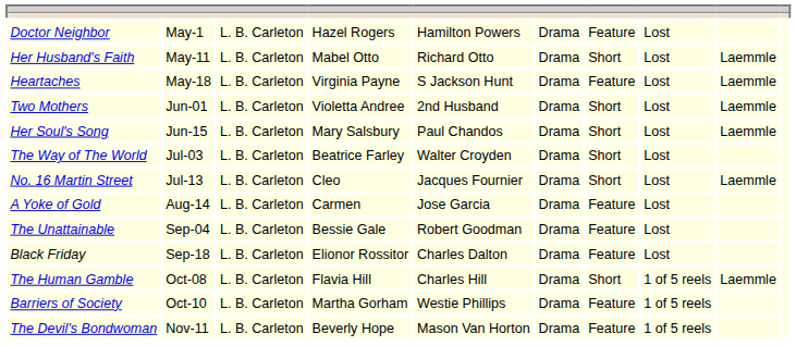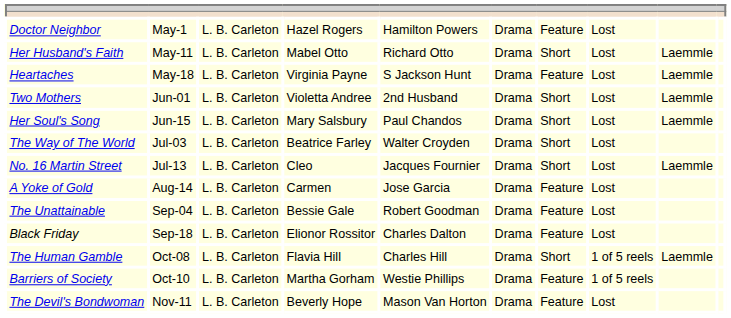 <table class="wikitable mw-collapsible mw-collapsed" style="background:lightyellow; border:2px solid gray;font-size:80%; ">
 <tr>
 <th colspan="18" style="border:1px solid #808080;background: lightgrey;"></th>
 </tr>
 <tr>
 <th style="border: 0px solid #FFFAF5; background:#F2E0CE"></th>
 <th style="border:0px solid #FFFAF5; background:#F2E0CE"></th>
 <th style="border:0px solid #FFFAF5; background:#F2E0CE"></th>
 <th style="border:0px solid #FFFAF5; background:#F2E0CE"></th>
 <th style="border:0px solid #FFFAF5; background:#F2E0CE"></th>
 <th style="border:0px solid #FFFAF5; background:#F2E0CE"></th>
 <th style="border:0px solid #FFFAF5; background:#F2E0CE"></th>
 <th style="border:0px solid #FFFAF5; background:#F2E0CE"></th>
 <th style="border:0px solid #FFFAF5; background:#F2E0CE"></th>
 <th style="border:0px solid #FFFAF5; background:#F2E0CE"></th>
 </tr>
 <tr>
 <td style="border:3px solid #FFFFFF"><em><a href='#'>Doctor Neighbor</a></em></td>
 <td style="border:3px solid #FFFFFF">May-1</td>
 <td style="border:3px solid #FFFFFF">L. B. Carleton</td>
 <td style="border:3px solid #FFFFFF">Hazel Rogers</td>
 <td style="border:3px solid #FFFFFF">Hamilton Powers</td>
 <td style="border:3px solid #FFFFFF">Drama</td>
 <td style="border:3px solid #FFFFFF">Feature</td>
 <td style="border:3px solid #FFFFFF">Lost</td>
 <td style="border:3px solid #FFFFFF"></td>
 <td style="border:3px solid #FFFFFF"></td>
 </tr>
 <tr>
 <td style="border:3px solid #FFFFFF"><em><a href='#'>Her Husband's Faith</a></em></td>
 <td style="border:3px solid #FFFFFF">May-11</td>
 <td style="border:3px solid #FFFFFF">L. B. Carleton</td>
 <td style="border:3px solid #FFFFFF">Mabel Otto</td>
 <td style="border:3px solid #FFFFFF">Richard Otto</td>
 <td style="border:3px solid #FFFFFF">Drama</td>
 <td style="border:3px solid #FFFFFF">Short</td>
 <td style="border:3px solid #FFFFFF">Lost</td>
 <td style="border:3px solid #FFFFFF">Laemmle</td>
 <td style="border:3px solid #FFFFFF"></td>
 </tr>
 <tr>
 <td style="border:3px solid #FFFFFF"><em><a href='#'>Heartaches</a> </em></td>
 <td style="border:3px solid #FFFFFF">May-18</td>
 <td style="border:3px solid #FFFFFF">L. B. Carleton</td>
 <td style="border:3px solid #FFFFFF">Virginia Payne</td>
 <td style="border:3px solid #FFFFFF">S Jackson Hunt</td>
 <td style="border:3px solid #FFFFFF">Drama</td>
 <td style="border:3px solid #FFFFFF">Feature</td>
 <td style="border:3px solid #FFFFFF">Lost</td>
 <td style="border:3px solid #FFFFFF">Laemmle</td>
 <td style="border:3px solid #FFFFFF"></td>
 </tr>
 <tr>
 <td style="border:3px solid #FFFFFF"><em><a href='#'>Two Mothers</a></em></td>
 <td style="border:3px solid #FFFFFF">Jun-01</td>
 <td style="border:3px solid #FFFFFF">L. B. Carleton</td>
 <td style="border:3px solid #FFFFFF">Violetta Andree</td>
 <td style="border:3px solid #FFFFFF">2nd Husband</td>
 <td style="border:3px solid #FFFFFF">Drama</td>
 <td style="border:3px solid #FFFFFF">Short</td>
 <td style="border:3px solid #FFFFFF">Lost</td>
 <td style="border:3px solid #FFFFFF">Laemmle</td>
 <td style="border:3px solid #FFFFFF"></td>
 </tr>
 <tr>
 <td style="border:3px solid #FFFFFF"><em><a href='#'>Her Soul's Song</a></em></td>
 <td style="border:3px solid #FFFFFF">Jun-15</td>
 <td style="border:3px solid #FFFFFF">L. B. Carleton</td>
 <td style="border:3px solid #FFFFFF">Mary Salsbury</td>
 <td style="border:3px solid #FFFFFF">Paul Chandos</td>
 <td style="border:3px solid #FFFFFF">Drama</td>
 <td style="border:3px solid #FFFFFF">Short</td>
 <td style="border:3px solid #FFFFFF">Lost</td>
 <td style="border:3px solid #FFFFFF">Laemmle</td>
 <td style="border:3px solid #FFFFFF"></td>
 </tr>
 <tr>
 <td style="border:3px solid #FFFFFF"><em><a href='#'>The Way of The World</a></em></td>
 <td style="border:3px solid #FFFFFF">Jul-03</td>
 <td style="border:3px solid #FFFFFF">L. B. Carleton</td>
 <td style="border:3px solid #FFFFFF">Beatrice Farley</td>
 <td style="border:3px solid #FFFFFF">Walter Croyden</td>
 <td style="border:3px solid #FFFFFF">Drama</td>
 <td style="border:3px solid #FFFFFF">Short</td>
 <td style="border:3px solid #FFFFFF">Lost</td>
 <td style="border:3px solid #FFFFFF"></td>
 <td style="border:3px solid #FFFFFF"></td>
 </tr>
 <tr>
 <td style="border:3px solid #FFFFFF"><em><a href='#'>No. 16 Martin Street</a></em></td>
 <td style="border:3px solid #FFFFFF">Jul-13</td>
 <td style="border:3px solid #FFFFFF">L. B. Carleton</td>
 <td style="border:3px solid #FFFFFF">Cleo</td>
 <td style="border:3px solid #FFFFFF">Jacques Fournier</td>
 <td style="border:3px solid #FFFFFF">Drama</td>
 <td style="border:3px solid #FFFFFF">Short</td>
 <td style="border:3px solid #FFFFFF">Lost</td>
 <td style="border:3px solid #FFFFFF">Laemmle</td>
 <td style="border:3px solid #FFFFFF"></td>
 </tr>
 <tr>
 <td style="border:3px solid #FFFFFF"><em><a href='#'>A Yoke of Gold</a></em></td>
 <td style="border:3px solid #FFFFFF">Aug-14</td>
 <td style="border:3px solid #FFFFFF">L. B. Carleton</td>
 <td style="border:3px solid #FFFFFF">Carmen</td>
 <td style="border:3px solid #FFFFFF">Jose Garcia</td>
 <td style="border:3px solid #FFFFFF">Drama</td>
 <td style="border:3px solid #FFFFFF">Feature</td>
 <td style="border:3px solid #FFFFFF">Lost</td>
 <td style="border:3px solid #FFFFFF"></td>
 <td style="border:3px solid #FFFFFF"></td>
 </tr>
 <tr>
 <td style="border:3px solid #FFFFFF"><em><a href='#'>The Unattainable</a></em></td>
 <td style="border:3px solid #FFFFFF">Sep-04</td>
 <td style="border:3px solid #FFFFFF">L. B. Carleton</td>
 <td style="border:3px solid #FFFFFF">Bessie Gale</td>
 <td style="border:3px solid #FFFFFF">Robert Goodman</td>
 <td style="border:3px solid #FFFFFF">Drama</td>
 <td style="border:3px solid #FFFFFF">Feature</td>
 <td style="border:3px solid #FFFFFF">Lost</td>
 <td style="border:3px solid #FFFFFF"></td>
 <td style="border:3px solid #FFFFFF"></td>
 </tr>
 <tr>
 <td style="border:3px solid #FFFFFF"><em>Black Friday</em></td>
 <td style="border:3px solid #FFFFFF">Sep-18</td>
 <td style="border:3px solid #FFFFFF">L. B. Carleton</td>
 <td style="border:3px solid #FFFFFF">Elionor Rossitor</td>
 <td style="border:3px solid #FFFFFF">Charles Dalton</td>
 <td style="border:3px solid #FFFFFF">Drama</td>
 <td style="border:3px solid #FFFFFF">Feature</td>
 <td style="border:3px solid #FFFFFF">Lost</td>
 <td style="border:3px solid #FFFFFF"></td>
 <td style="border:3px solid #FFFFFF"></td>
 </tr>
 <tr>
 <td style="border:3px solid #FFFFFF"><em><a href='#'>The Human Gamble</a></em></td>
 <td style="border:3px solid #FFFFFF">Oct-08</td>
 <td style="border:3px solid #FFFFFF">L. B. Carleton</td>
 <td style="border:3px solid #FFFFFF">Flavia Hill</td>
 <td style="border:3px solid #FFFFFF">Charles Hill</td>
 <td style="border:3px solid #FFFFFF">Drama</td>
 <td style="border:3px solid #FFFFFF">Short</td>
 <td style="border:3px solid #FFFFFF">1 of 5 reels</td>
 <td style="border:3px solid #FFFFFF">Laemmle</td>
 <td style="border:3px solid #FFFFFF"></td>
 </tr>
 <tr>
 <td style="border:3px solid #FFFFFF"><em><a href='#'>Barriers of Society</a></em></td>
 <td style="border:3px solid #FFFFFF">Oct-10</td>
 <td style="border:3px solid #FFFFFF">L. B. Carleton</td>
 <td style="border:3px solid #FFFFFF">Martha Gorham</td>
 <td style="border:3px solid #FFFFFF">Westie Phillips</td>
 <td style="border:3px solid #FFFFFF">Drama</td>
 <td style="border:3px solid #FFFFFF">Feature</td>
 <td style="border:3px solid #FFFFFF">1 of 5 reels</td>
 <td style="border:3px solid #FFFFFF"></td>
 <td style="border:3px solid #FFFFFF"></td>
 </tr>
 <tr>
 <td style="border:3px solid #FFFFFF"><em><a href='#'>The Devil's Bondwoman</a></em></td>
 <td style="border:3px solid #FFFFFF">Nov-11</td>
 <td style="border:3px solid #FFFFFF">L. B. Carleton</td>
 <td style="border:3px solid #FFFFFF">Beverly Hope</td>
 <td style="border:3px solid #FFFFFF">Mason Van Horton</td>
 <td style="border:3px solid #FFFFFF">Drama</td>
 <td style="border:3px solid #FFFFFF">Feature</td>
-<td style="border:3px solid #FFFFFF">1 of 5 reels</td>
+<td style="border:3px solid #FFFFFF">Lost</td>
 <td style="border:3px solid #FFFFFF"></td>
 <td style="border:3px solid #FFFFFF"></td>
 </tr>
 </table>
